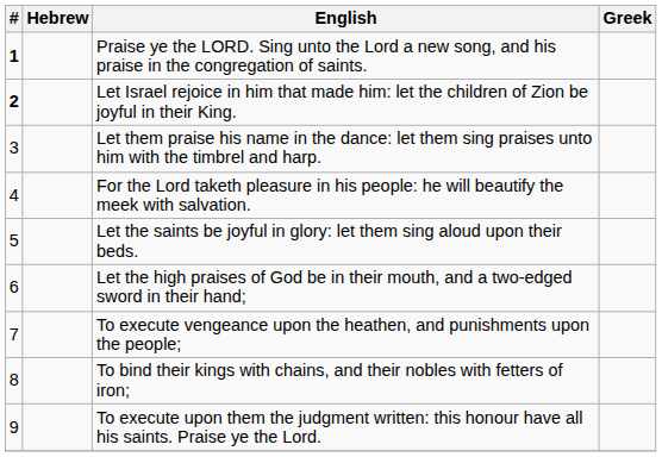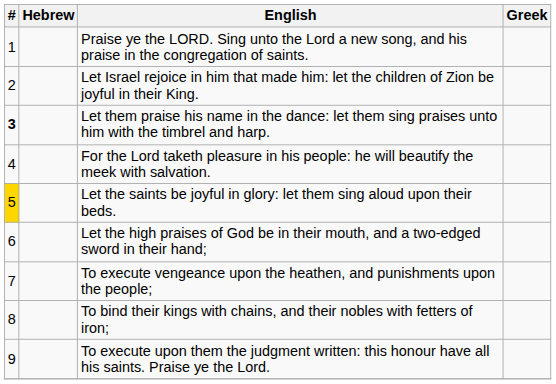 <table class=wikitable>
 <tr>
 <th>#</th>
 <th>Hebrew</th>
 <th>English</th>
 <th>Greek</th>
 </tr>
 <tr>
-<td style="text-align:right"><strong>1</strong></td>
+<td style="text-align:right">1</td>
 <td style="text-align:right"></td>
 <td>Praise ye the LORD. Sing unto the Lord a new song, and his praise in the congregation of saints.</td>
 <td></td>
 </tr>
 <tr>
-<td style="text-align:right"><strong>2</strong></td>
+<td style="text-align:right">2</td>
 <td style="text-align:right"></td>
 <td>Let Israel rejoice in him that made him: let the children of Zion be joyful in their King.</td>
 <td></td>
 </tr>
 <tr>
-<td style="text-align:right">3</td>
+<td style="text-align:right"><strong>3</strong></td>
 <td style="text-align:right"></td>
 <td>Let them praise his name in the dance: let them sing praises unto him with the timbrel and harp.</td>
 <td></td>
 </tr>
 <tr>
 <td style="text-align:right">4</td>
 <td style="text-align:right"></td>
 <td>For the Lord taketh pleasure in his people: he will beautify the meek with salvation.</td>
 <td></td>
 </tr>
 <tr>
-<td style="text-align:right">5</td>
+<td style="background: gold; text-align:right">5</td>
 <td style="text-align:right"></td>
 <td>Let the saints be joyful in glory: let them sing aloud upon their beds.</td>
 <td></td>
 </tr>
 <tr>
 <td style="text-align:right">6</td>
 <td style="text-align:right"></td>
 <td>Let the high praises of God be in their mouth, and a two-edged sword in their hand;</td>
 <td></td>
 </tr>
 <tr>
 <td style="text-align:right">7</td>
 <td style="text-align:right"></td>
 <td>To execute vengeance upon the heathen, and punishments upon the people;</td>
 <td></td>
 </tr>
 <tr>
 <td style="text-align:right">8</td>
 <td style="text-align:right"></td>
 <td>To bind their kings with chains, and their nobles with fetters of iron;</td>
 <td></td>
 </tr>
 <tr>
 <td style="text-align:right">9</td>
 <td style="text-align:right"></td>
 <td>To execute upon them the judgment written: this honour have all his saints. Praise ye the Lord.</td>
 <td></td>
 </tr>
 <tr>
 </tr>
 </table>
